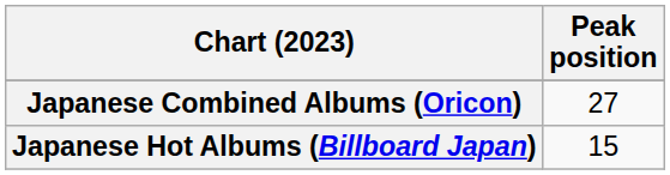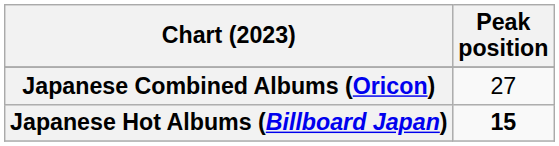 <table class="wikitable sortable plainrowheaders" style="text-align:center;">
 <tr>
 <th scope="col">Chart (2023)</th>
 <th scope="col">Peak<br>position</th>
 </tr>
 <tr>
 </tr>
 <tr>
 <th scope="row">Japanese Combined Albums (<a href='#'>Oricon</a>)</th>
 <td>27</td>
 </tr>
 <tr>
 <th scope="row">Japanese Hot Albums (<em><a href='#'>Billboard Japan</a></em>)</th>
-<td>15</td>
+<td><strong>15</strong></td>
 </tr>
 </table>
